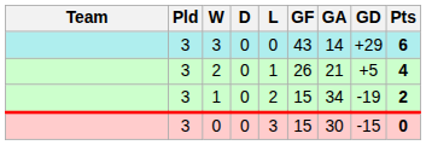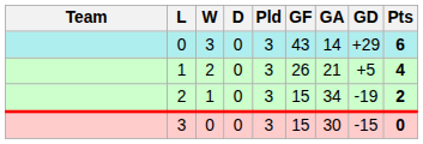 <table class="wikitable" style="text-align:center;">
 <tr>
 <th width=150>Team</th>
-<th width=20>Pld</th>
+<th width=20>L</th>
 <th width=20>W</th>
 <th width=20>D</th>
-<th width=20>L</th>
+<th width=20>Pld</th>
 <th width=20>GF</th>
 <th width=20>GA</th>
 <th width=20>GD</th>
 <th width=20>Pts</th>
 </tr>
 <tr bgcolor="#afeeee">
 <td align="left"></td>
-<td>3</td>
+<td>0</td>
 <td>3</td>
 <td>0</td>
-<td>0</td>
+<td>3</td>
 <td>43</td>
 <td>14</td>
 <td>+29</td>
 <td><strong>6</strong></td>
 </tr>
 <tr bgcolor="#ccffcc">
 <td align="left"></td>
-<td>3</td>
+<td>1</td>
 <td>2</td>
 <td>0</td>
-<td>1</td>
+<td>3</td>
 <td>26</td>
 <td>21</td>
 <td>+5</td>
 <td><strong>4</strong></td>
 </tr>
 <tr bgcolor="#ccffcc" style ="border-bottom:3px solid red;">
 <td align="left"></td>
-<td>3</td>
+<td>2</td>
 <td>1</td>
 <td>0</td>
-<td>2</td>
+<td>3</td>
 <td>15</td>
 <td>34</td>
 <td>-19</td>
 <td><strong>2</strong></td>
 </tr>
 <tr bgcolor="#ffcccc">
 <td align="left"></td>
 <td>3</td>
 <td>0</td>
 <td>0</td>
 <td>3</td>
 <td>15</td>
 <td>30</td>
 <td>-15</td>
 <td><strong>0</strong></td>
 </tr>
 </table>
